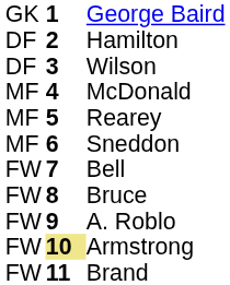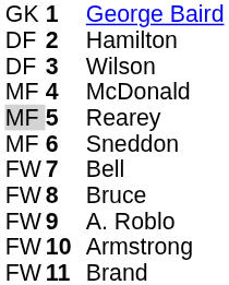 <table style="font-size: 90%" cellspacing="0" cellpadding="0" align=center>
 <tr>
 <td colspan="4"></td>
 </tr>
 <tr>
 <th width=25></th>
 <th width=25></th>
 </tr>
 <tr>
 <td>GK</td>
 <td><strong>1</strong></td>
 <td> <a href='#'>George Baird</a></td>
 </tr>
 <tr>
 <td>DF</td>
 <td><strong>2</strong></td>
 <td> Hamilton</td>
 </tr>
 <tr>
 <td>DF</td>
 <td><strong>3</strong></td>
 <td> Wilson</td>
 </tr>
 <tr>
 <td>MF</td>
 <td><strong>4</strong></td>
 <td> McDonald</td>
 </tr>
 <tr>
-<td>MF</td>
+<td style="background: lightgrey;">MF</td>
 <td><strong>5</strong></td>
 <td> Rearey</td>
 </tr>
 <tr>
 <td>MF</td>
 <td><strong>6</strong></td>
 <td> Sneddon</td>
 </tr>
 <tr>
 <td>FW</td>
 <td><strong>7</strong></td>
 <td> Bell</td>
 </tr>
 <tr>
 <td>FW</td>
 <td><strong>8</strong></td>
 <td> Bruce</td>
 </tr>
 <tr>
 <td>FW</td>
 <td><strong>9</strong></td>
 <td> A. Roblo</td>
 </tr>
 <tr>
 <td>FW</td>
-<td style="background: khaki;"><strong>10</strong></td>
+<td><strong>10</strong></td>
 <td> Armstrong</td>
 </tr>
 <tr>
 <td>FW</td>
 <td><strong>11</strong></td>
 <td> Brand</td>
 </tr>
 <tr>
 </tr>
 </table>
